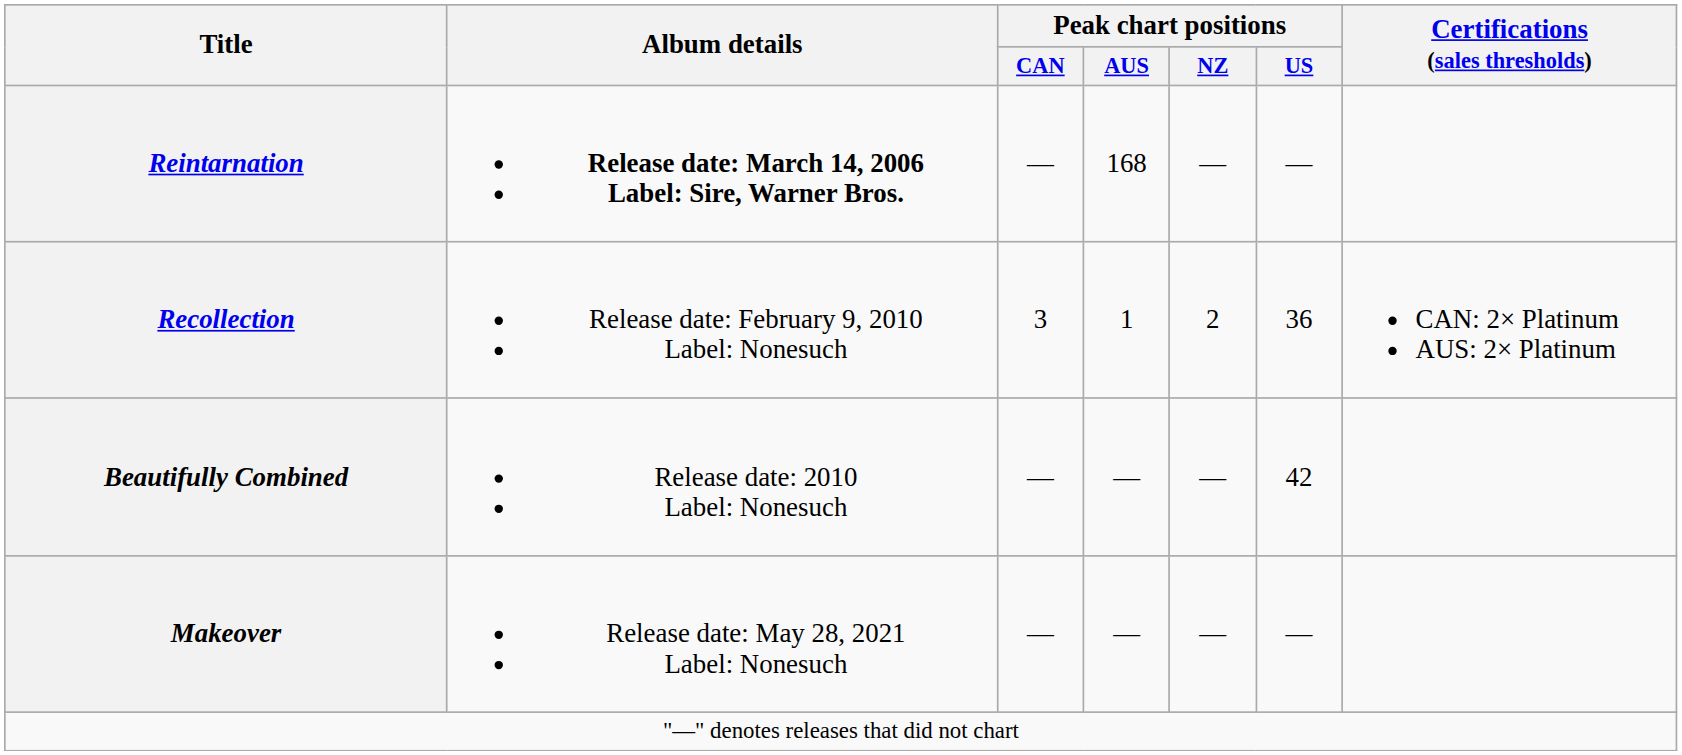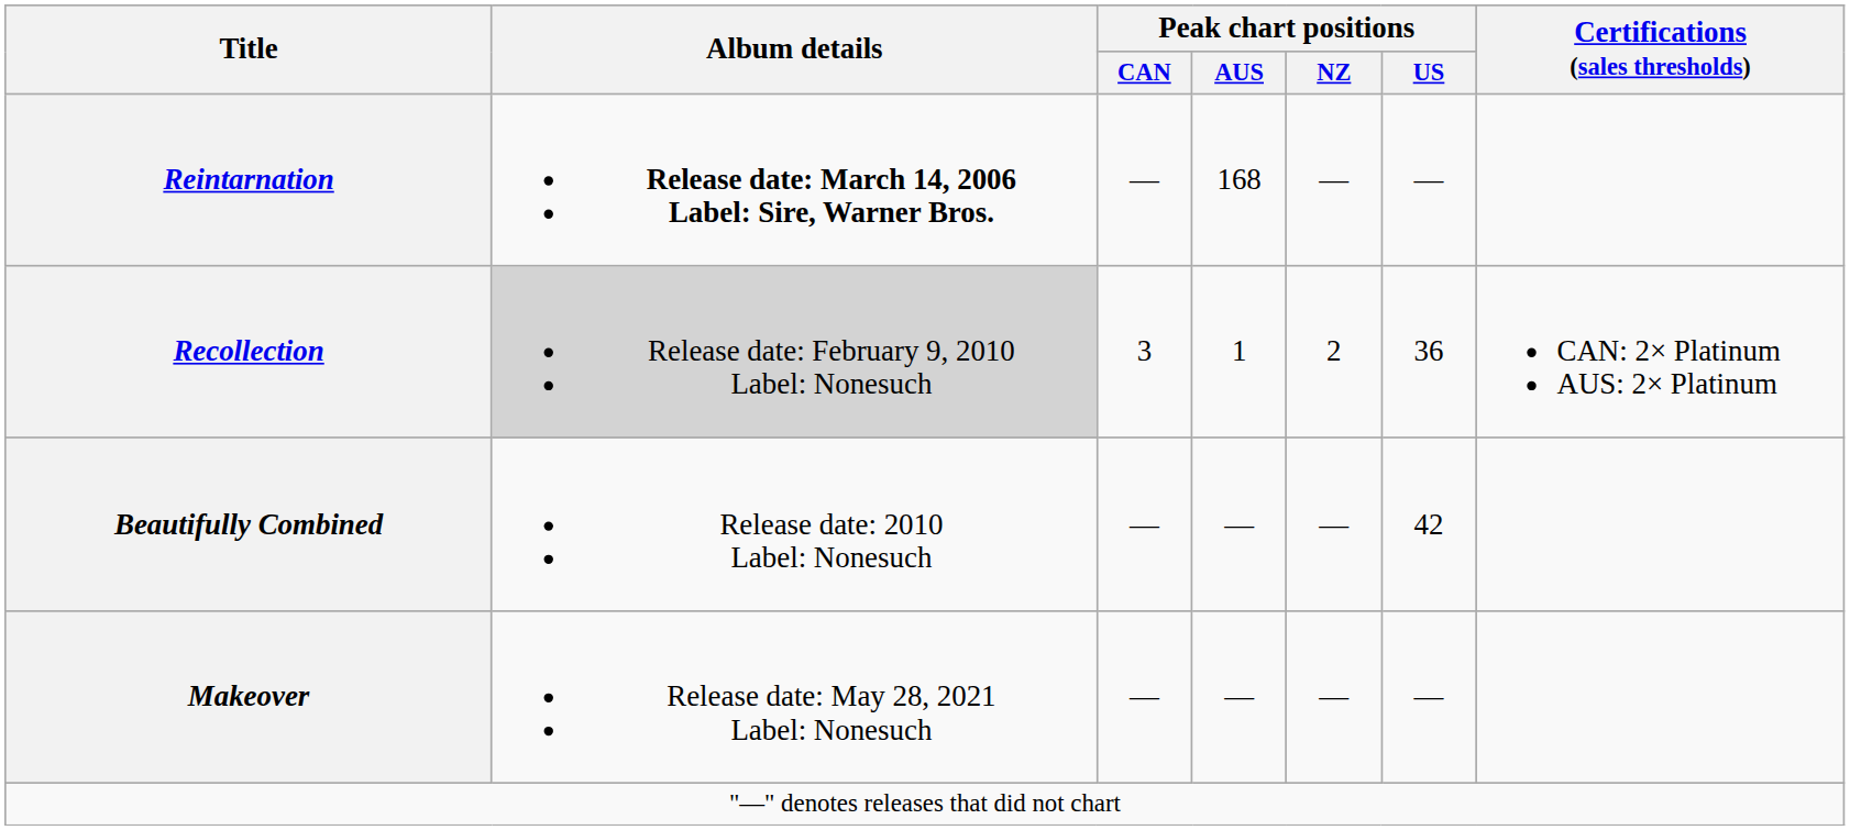 <table class="wikitable plainrowheaders" style="text-align:center;">
 <tr>
 <th rowspan="2" style="width:16em;">Title</th>
 <th rowspan="2" style="width:20em;">Album details</th>
 <th colspan="4">Peak chart positions</th>
 <th rowspan="2" style="width:12em;"><a href='#'>Certifications</a><br><small>(<a href='#'>sales thresholds</a>)</small></th>
 </tr>
 <tr style="font-size:smaller;">
 <th width="45"><a href='#'>CAN</a></th>
 <th width="45"><a href='#'>AUS</a><br></th>
 <th width="45"><a href='#'>NZ</a><br></th>
 <th width="45"><a href='#'>US</a><br></th>
 </tr>
 <tr>
 <th scope="row"><em><a href='#'>Reintarnation</a></em></th>
 <td><strong><br><ul><li>Release date: March 14, 2006</li><li>Label: Sire, Warner Bros.</li></ul></strong></td>
 <td>—</td>
 <td>168</td>
 <td>—</td>
 <td>—</td>
 <td></td>
 </tr>
 <tr>
 <th scope="row"><em><a href='#'>Recollection</a></em></th>
-<td><br><ul><li>Release date: February 9, 2010</li><li>Label: Nonesuch</li></ul></td>
+<td style="background: lightgrey;"><br><ul><li>Release date: February 9, 2010</li><li>Label: Nonesuch</li></ul></td>
 <td>3</td>
 <td>1</td>
 <td>2</td>
 <td>36</td>
 <td align="left"><br><ul><li>CAN: 2× Platinum</li><li>AUS: 2× Platinum</li></ul></td>
 </tr>
 <tr>
 <th scope="row"><em>Beautifully Combined</em></th>
 <td><br><ul><li>Release date: 2010</li><li>Label: Nonesuch</li></ul></td>
 <td>—</td>
 <td>—</td>
 <td>—</td>
 <td>42</td>
 <td></td>
 </tr>
 <tr>
 <th scope="row"><em>Makeover</em></th>
 <td><br><ul><li>Release date: May 28, 2021</li><li>Label: Nonesuch</li></ul></td>
 <td>—</td>
 <td>—</td>
 <td>—</td>
 <td>—</td>
 <td></td>
 </tr>
 <tr>
 <td colspan="7" style="font-size:85%">"—" denotes releases that did not chart</td>
 </tr>
 </table>
